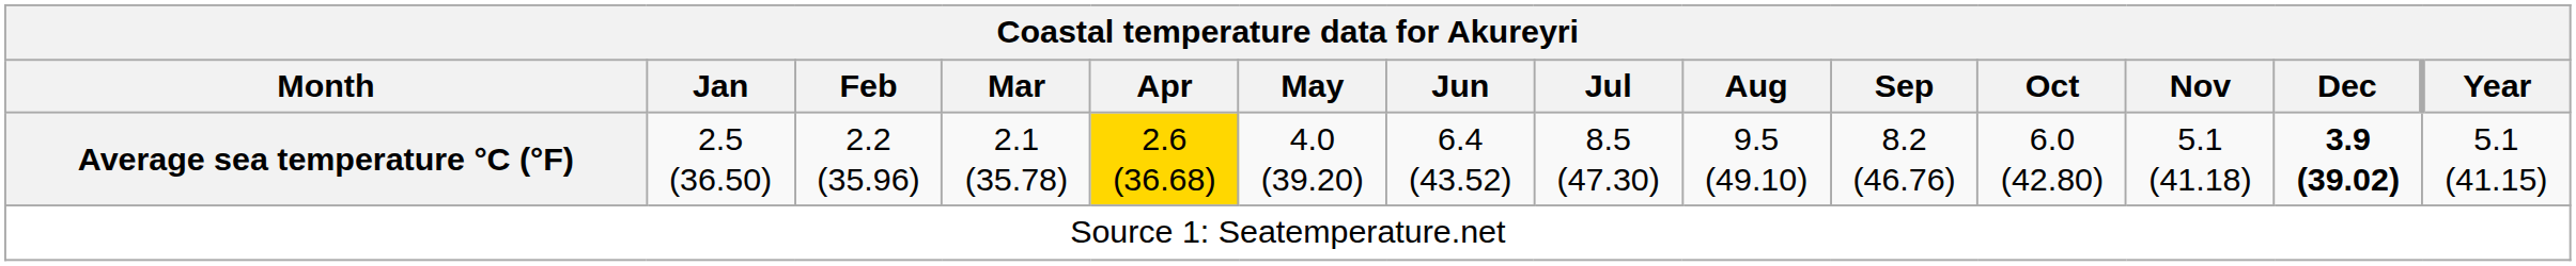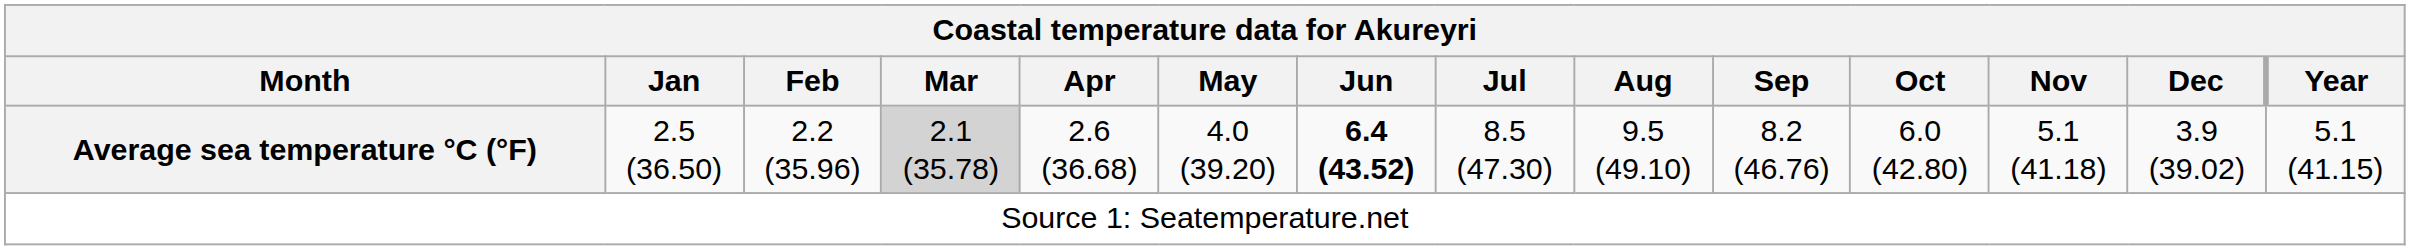 <table style="width:100%;text-align:center;line-height:1.2em;margin-left:auto;margin-right:auto" class="wikitable">
 <tr>
 <th Colspan=14>Coastal temperature data for Akureyri</th>
 </tr>
 <tr>
 <th>Month</th>
 <th>Jan</th>
 <th>Feb</th>
 <th>Mar</th>
 <th>Apr</th>
 <th>May</th>
 <th>Jun</th>
 <th>Jul</th>
 <th>Aug</th>
 <th>Sep</th>
 <th>Oct</th>
 <th>Nov</th>
 <th>Dec</th>
 <th style="border-left-width:medium">Year</th>
 </tr>
 <tr>
 <th>Average sea temperature °C (°F)</th>
 <td>2.5<br>(36.50)</td>
 <td>2.2<br>(35.96)</td>
-<td>2.1<br>(35.78)</td>
-<td style="background: gold;">2.6<br>(36.68)</td>
+<td style="background: lightgrey;">2.1<br>(35.78)</td>
+<td>2.6<br>(36.68)</td>
 <td>4.0<br>(39.20)</td>
-<td>6.4<br>(43.52)</td>
+<td><strong>6.4<br>(43.52)</strong></td>
 <td>8.5<br>(47.30)</td>
 <td>9.5<br>(49.10)</td>
 <td>8.2<br>(46.76)</td>
 <td>6.0<br>(42.80)</td>
 <td>5.1<br>(41.18)</td>
-<td><strong>3.9<br>(39.02)</strong></td>
+<td>3.9<br>(39.02)</td>
 <td>5.1<br>(41.15)</td>
 </tr>
 <tr>
 <th Colspan=14 style="background:#ffffff;font-weight:normal;font-size:100%;">Source 1: Seatemperature.net</th>
 </tr>
 </table>
